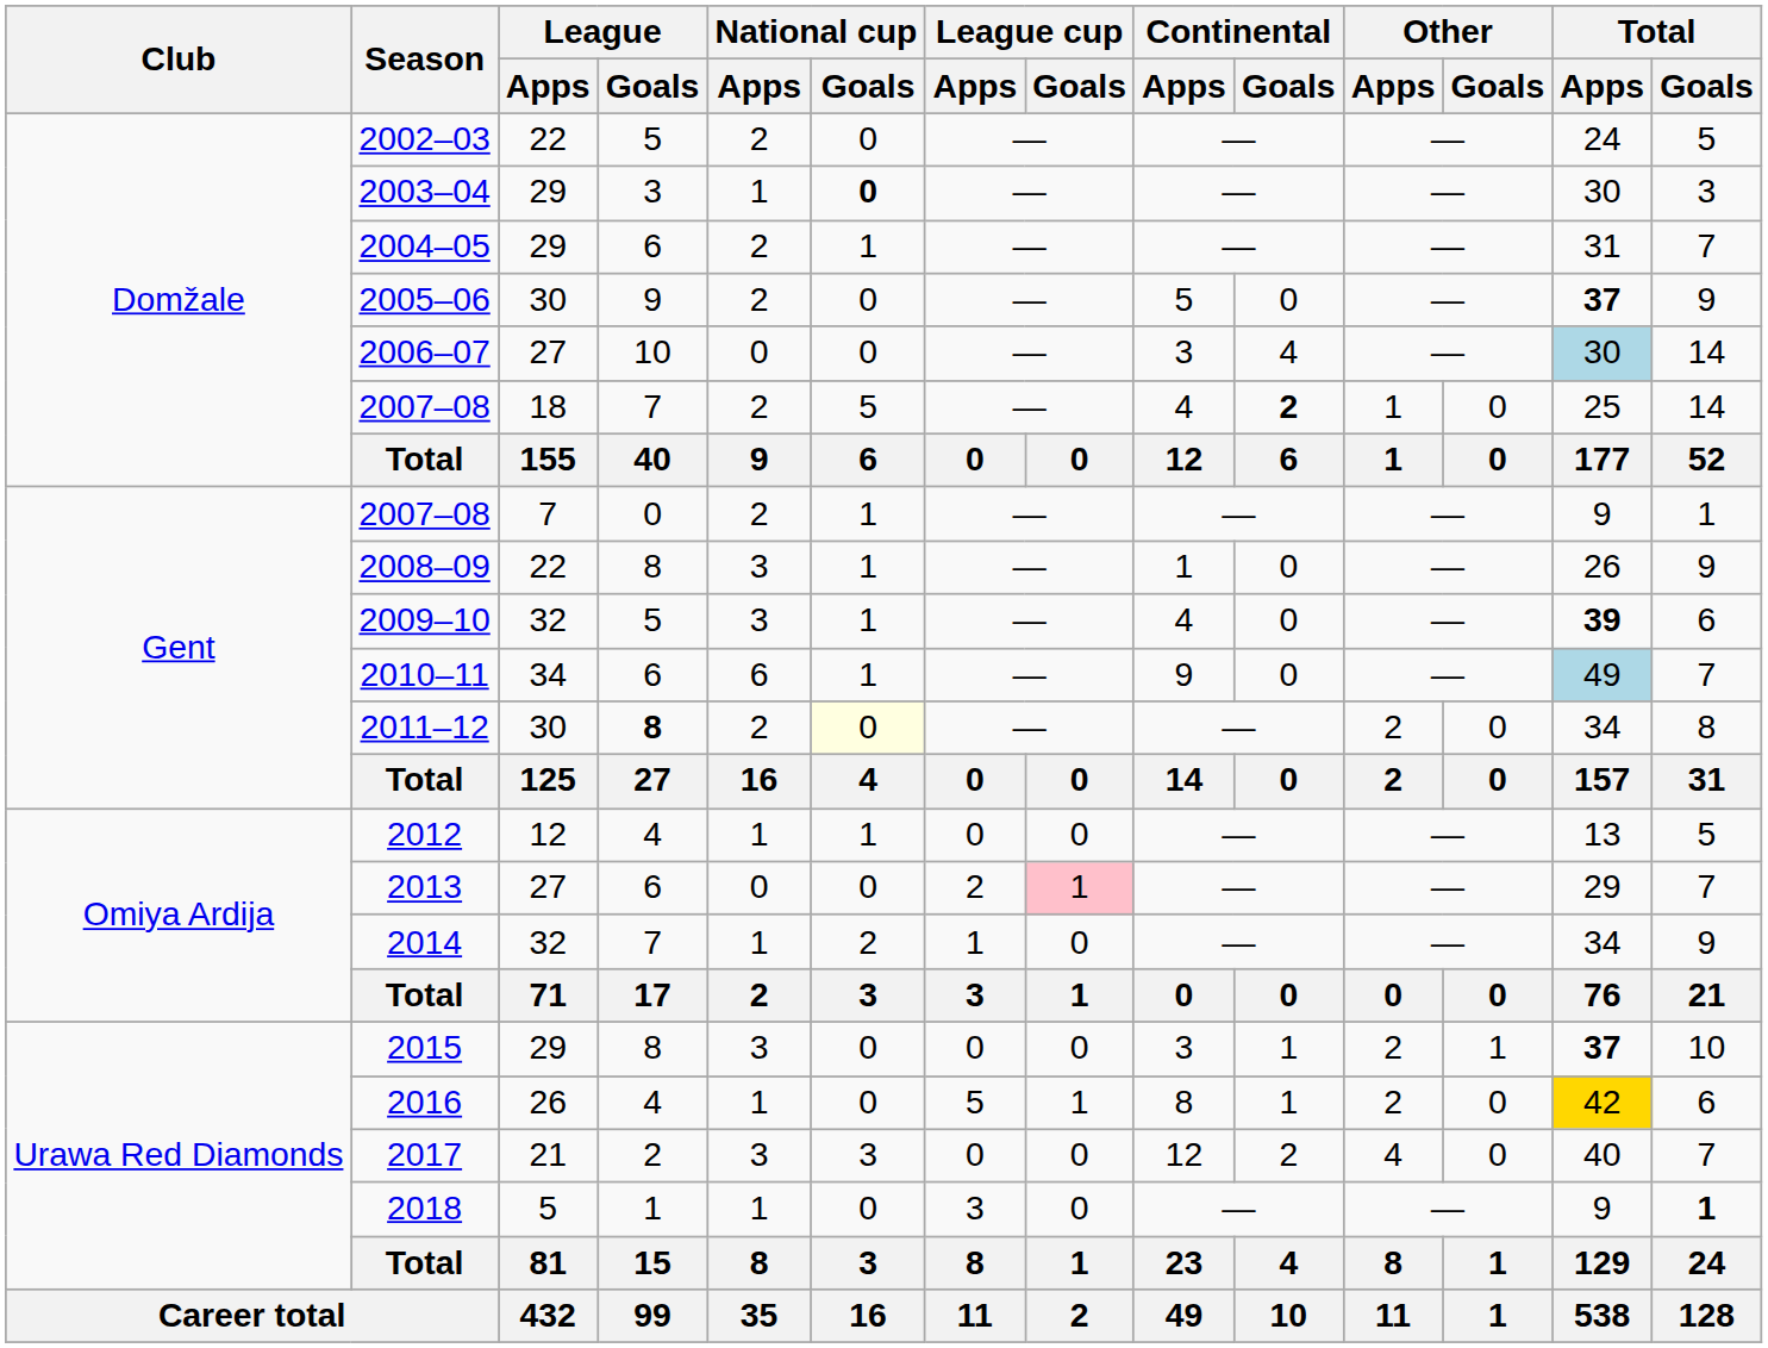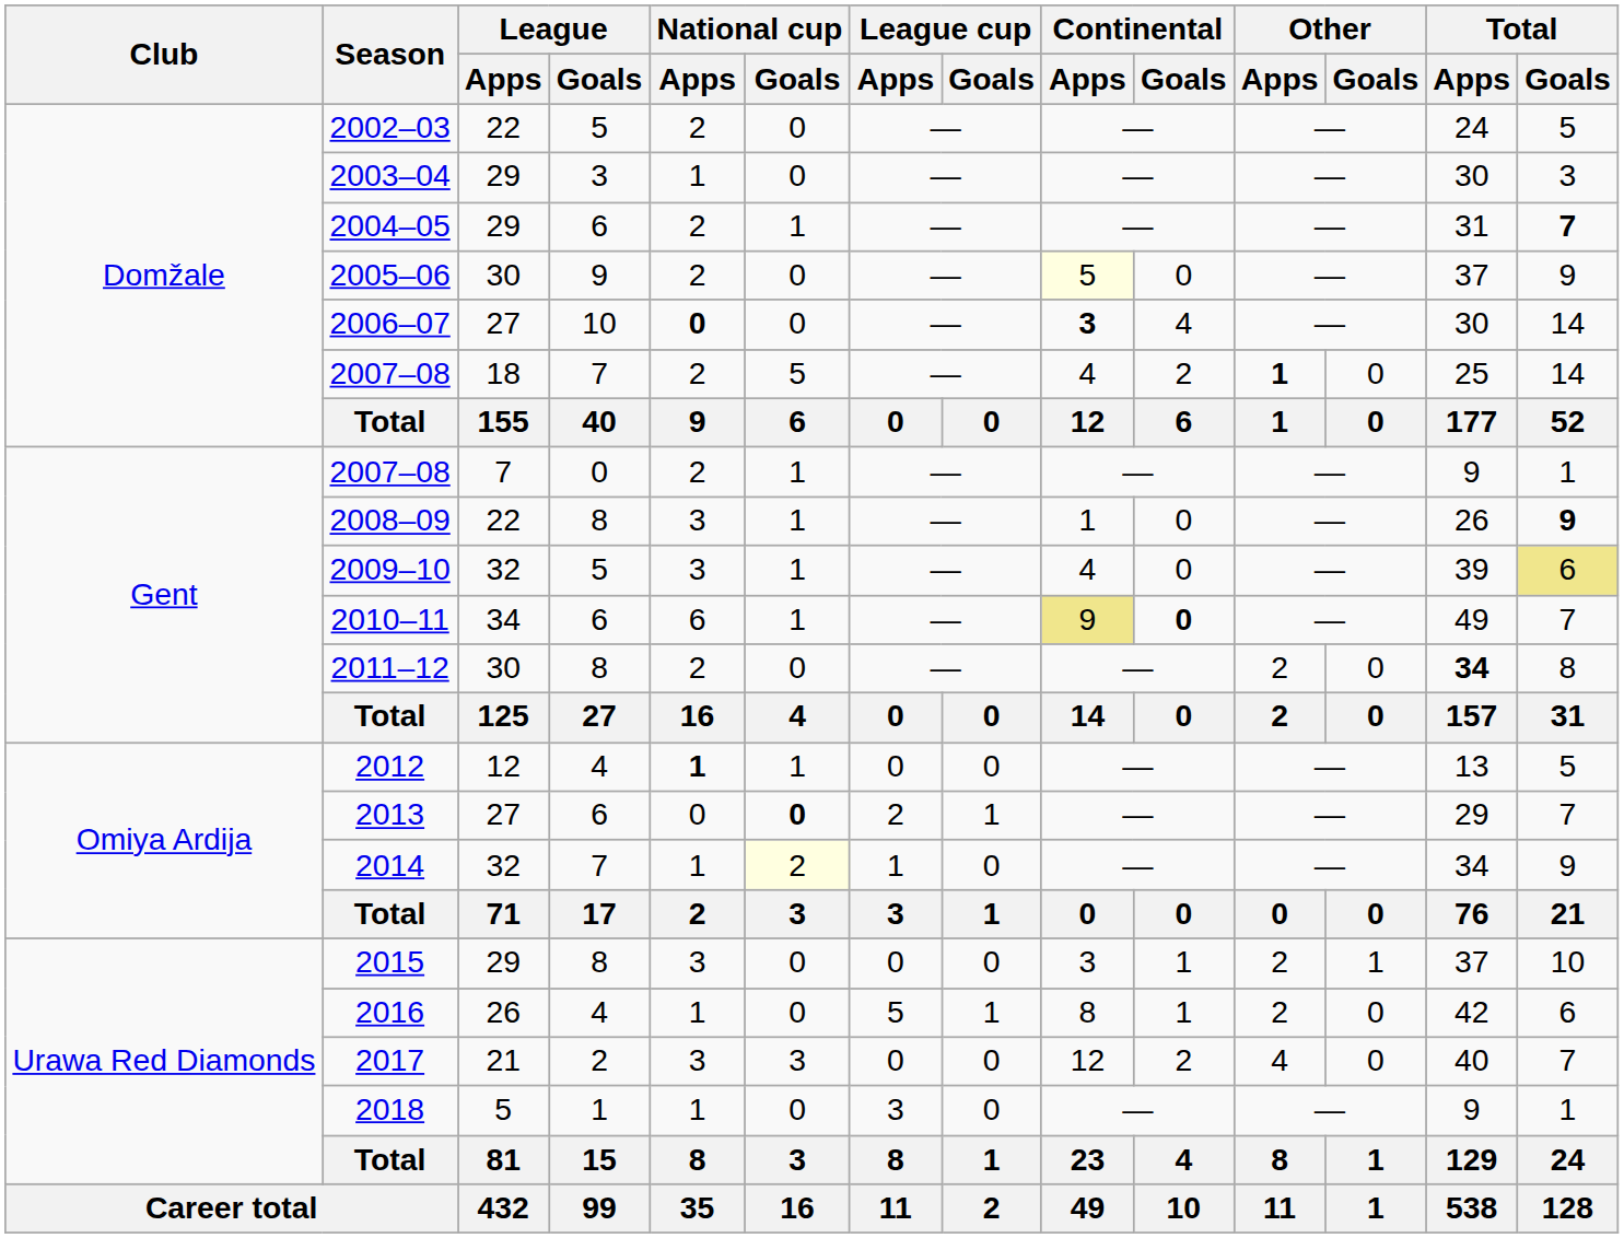 <table class="wikitable" style="text-align:center;">
 <tr>
 <th rowspan="2">Club</th>
 <th rowspan="2">Season</th>
 <th colspan="2">League</th>
 <th colspan="2">National cup</th>
 <th colspan="2">League cup</th>
 <th colspan="2">Continental</th>
 <th colspan="2">Other</th>
 <th colspan="2">Total</th>
 </tr>
 <tr>
 <th>Apps</th>
 <th>Goals</th>
 <th>Apps</th>
 <th>Goals</th>
 <th>Apps</th>
 <th>Goals</th>
 <th>Apps</th>
 <th>Goals</th>
 <th>Apps</th>
 <th>Goals</th>
 <th>Apps</th>
 <th>Goals</th>
 </tr>
 <tr>
 <td rowspan="7"><a href='#'>Domžale</a></td>
 <td><a href='#'>2002–03</a></td>
 <td>22</td>
 <td>5</td>
 <td>2</td>
 <td>0</td>
 <td colspan="2">—</td>
 <td colspan="2">—</td>
 <td colspan="2">—</td>
 <td>24</td>
 <td>5</td>
 </tr>
 <tr>
 <td><a href='#'>2003–04</a></td>
 <td>29</td>
 <td>3</td>
 <td>1</td>
-<td><strong>0</strong></td>
+<td>0</td>
 <td colspan="2">—</td>
 <td colspan="2">—</td>
 <td colspan="2">—</td>
 <td>30</td>
 <td>3</td>
 </tr>
 <tr>
 <td><a href='#'>2004–05</a></td>
 <td>29</td>
 <td>6</td>
 <td>2</td>
 <td>1</td>
 <td colspan="2">—</td>
 <td colspan="2">—</td>
 <td colspan="2">—</td>
 <td>31</td>
-<td>7</td>
+<td><strong>7</strong></td>
 </tr>
 <tr>
 <td><a href='#'>2005–06</a></td>
 <td>30</td>
 <td>9</td>
 <td>2</td>
 <td>0</td>
 <td colspan="2">—</td>
-<td>5</td>
+<td style="background: lightyellow;">5</td>
 <td>0</td>
 <td colspan="2">—</td>
-<td><strong>37</strong></td>
+<td>37</td>
 <td>9</td>
 </tr>
 <tr>
 <td><a href='#'>2006–07</a></td>
 <td>27</td>
 <td>10</td>
-<td>0</td>
+<td><strong>0</strong></td>
 <td>0</td>
 <td colspan="2">—</td>
-<td>3</td>
+<td><strong>3</strong></td>
 <td>4</td>
 <td colspan="2">—</td>
-<td style="background: lightblue;">30</td>
+<td>30</td>
 <td>14</td>
 </tr>
 <tr>
 <td><a href='#'>2007–08</a></td>
 <td>18</td>
 <td>7</td>
 <td>2</td>
 <td>5</td>
 <td colspan="2">—</td>
 <td>4</td>
-<td><strong>2</strong></td>
-<td>1</td>
+<td>2</td>
+<td><strong>1</strong></td>
 <td>0</td>
 <td>25</td>
 <td>14</td>
 </tr>
 <tr>
 <th colspan="1">Total</th>
 <th>155</th>
 <th>40</th>
 <th>9</th>
 <th>6</th>
 <th>0</th>
 <th>0</th>
 <th>12</th>
 <th>6</th>
 <th>1</th>
 <th>0</th>
 <th>177</th>
 <th>52</th>
 </tr>
 <tr>
 <td rowspan="6"><a href='#'>Gent</a></td>
 <td><a href='#'>2007–08</a></td>
 <td>7</td>
 <td>0</td>
 <td>2</td>
 <td>1</td>
 <td colspan="2">—</td>
 <td colspan="2">—</td>
 <td colspan="2">—</td>
 <td>9</td>
 <td>1</td>
 </tr>
 <tr>
 <td><a href='#'>2008–09</a></td>
 <td>22</td>
 <td>8</td>
 <td>3</td>
 <td>1</td>
 <td colspan="2">—</td>
 <td>1</td>
 <td>0</td>
 <td colspan="2">—</td>
 <td>26</td>
-<td>9</td>
+<td><strong>9</strong></td>
 </tr>
 <tr>
 <td><a href='#'>2009–10</a></td>
 <td>32</td>
 <td>5</td>
 <td>3</td>
 <td>1</td>
 <td colspan="2">—</td>
 <td>4</td>
 <td>0</td>
 <td colspan="2">—</td>
-<td><strong>39</strong></td>
-<td>6</td>
+<td>39</td>
+<td style="background: khaki;">6</td>
 </tr>
 <tr>
 <td><a href='#'>2010–11</a></td>
 <td>34</td>
 <td>6</td>
 <td>6</td>
 <td>1</td>
 <td colspan="2">—</td>
-<td>9</td>
-<td>0</td>
+<td style="background: khaki;">9</td>
+<td><strong>0</strong></td>
 <td colspan="2">—</td>
-<td style="background: lightblue;">49</td>
+<td>49</td>
 <td>7</td>
 </tr>
 <tr>
 <td><a href='#'>2011–12</a></td>
 <td>30</td>
-<td><strong>8</strong></td>
+<td>8</td>
 <td>2</td>
-<td style="background: lightyellow;">0</td>
+<td>0</td>
 <td colspan="2">—</td>
 <td colspan="2">—</td>
 <td>2</td>
 <td>0</td>
-<td>34</td>
+<td><strong>34</strong></td>
 <td>8</td>
 </tr>
 <tr>
 <th colspan="1">Total</th>
 <th>125</th>
 <th>27</th>
 <th>16</th>
 <th>4</th>
 <th>0</th>
 <th>0</th>
 <th>14</th>
 <th>0</th>
 <th>2</th>
 <th>0</th>
 <th>157</th>
 <th>31</th>
 </tr>
 <tr>
 <td rowspan="4"><a href='#'>Omiya Ardija</a></td>
 <td><a href='#'>2012</a></td>
 <td>12</td>
 <td>4</td>
-<td>1</td>
+<td><strong>1</strong></td>
 <td>1</td>
 <td>0</td>
 <td>0</td>
 <td colspan="2">—</td>
 <td colspan="2">—</td>
 <td>13</td>
 <td>5</td>
 </tr>
 <tr>
 <td><a href='#'>2013</a></td>
 <td>27</td>
 <td>6</td>
 <td>0</td>
-<td>0</td>
+<td><strong>0</strong></td>
 <td>2</td>
-<td style="background: pink;">1</td>
+<td>1</td>
 <td colspan="2">—</td>
 <td colspan="2">—</td>
 <td>29</td>
 <td>7</td>
 </tr>
 <tr>
 <td><a href='#'>2014</a></td>
 <td>32</td>
 <td>7</td>
 <td>1</td>
-<td>2</td>
+<td style="background: lightyellow;">2</td>
 <td>1</td>
 <td>0</td>
 <td colspan="2">—</td>
 <td colspan="2">—</td>
 <td>34</td>
 <td>9</td>
 </tr>
 <tr>
 <th colspan="1">Total</th>
 <th>71</th>
 <th>17</th>
 <th>2</th>
 <th>3</th>
 <th>3</th>
 <th>1</th>
 <th>0</th>
 <th>0</th>
 <th>0</th>
 <th>0</th>
 <th>76</th>
 <th>21</th>
 </tr>
 <tr>
 <td rowspan="5"><a href='#'>Urawa Red Diamonds</a></td>
 <td><a href='#'>2015</a></td>
 <td>29</td>
 <td>8</td>
 <td>3</td>
 <td>0</td>
 <td>0</td>
 <td>0</td>
 <td>3</td>
 <td>1</td>
 <td>2</td>
 <td>1</td>
-<td><strong>37</strong></td>
+<td>37</td>
 <td>10</td>
 </tr>
 <tr>
 <td><a href='#'>2016</a></td>
 <td>26</td>
 <td>4</td>
 <td>1</td>
 <td>0</td>
 <td>5</td>
 <td>1</td>
 <td>8</td>
 <td>1</td>
 <td>2</td>
 <td>0</td>
-<td style="background: gold;">42</td>
+<td>42</td>
 <td>6</td>
 </tr>
 <tr>
 <td><a href='#'>2017</a></td>
 <td>21</td>
 <td>2</td>
 <td>3</td>
 <td>3</td>
 <td>0</td>
 <td>0</td>
 <td>12</td>
 <td>2</td>
 <td>4</td>
 <td>0</td>
 <td>40</td>
 <td>7</td>
 </tr>
 <tr>
 <td><a href='#'>2018</a></td>
 <td>5</td>
 <td>1</td>
 <td>1</td>
 <td>0</td>
 <td>3</td>
 <td>0</td>
 <td colspan="2">—</td>
 <td colspan="2">—</td>
 <td>9</td>
-<td><strong>1</strong></td>
+<td>1</td>
 </tr>
 <tr>
 <th colspan="1">Total</th>
 <th>81</th>
 <th>15</th>
 <th>8</th>
 <th>3</th>
 <th>8</th>
 <th>1</th>
 <th>23</th>
 <th>4</th>
 <th>8</th>
 <th>1</th>
 <th>129</th>
 <th>24</th>
 </tr>
 <tr>
 <th colspan="2">Career total</th>
 <th>432</th>
 <th>99</th>
 <th>35</th>
 <th>16</th>
 <th>11</th>
 <th>2</th>
 <th>49</th>
 <th>10</th>
 <th>11</th>
 <th>1</th>
 <th>538</th>
 <th>128</th>
 </tr>
 </table>
